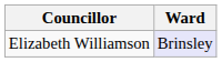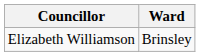 <table class="wikitable">
 <tr>
 <th>Councillor</th>
 <th>Ward</th>
 </tr>
 <tr>
 <td>Elizabeth Williamson</td>
-<td style="background: lavender;">Brinsley</td>
+<td>Brinsley</td>
 </tr>
 </table>
